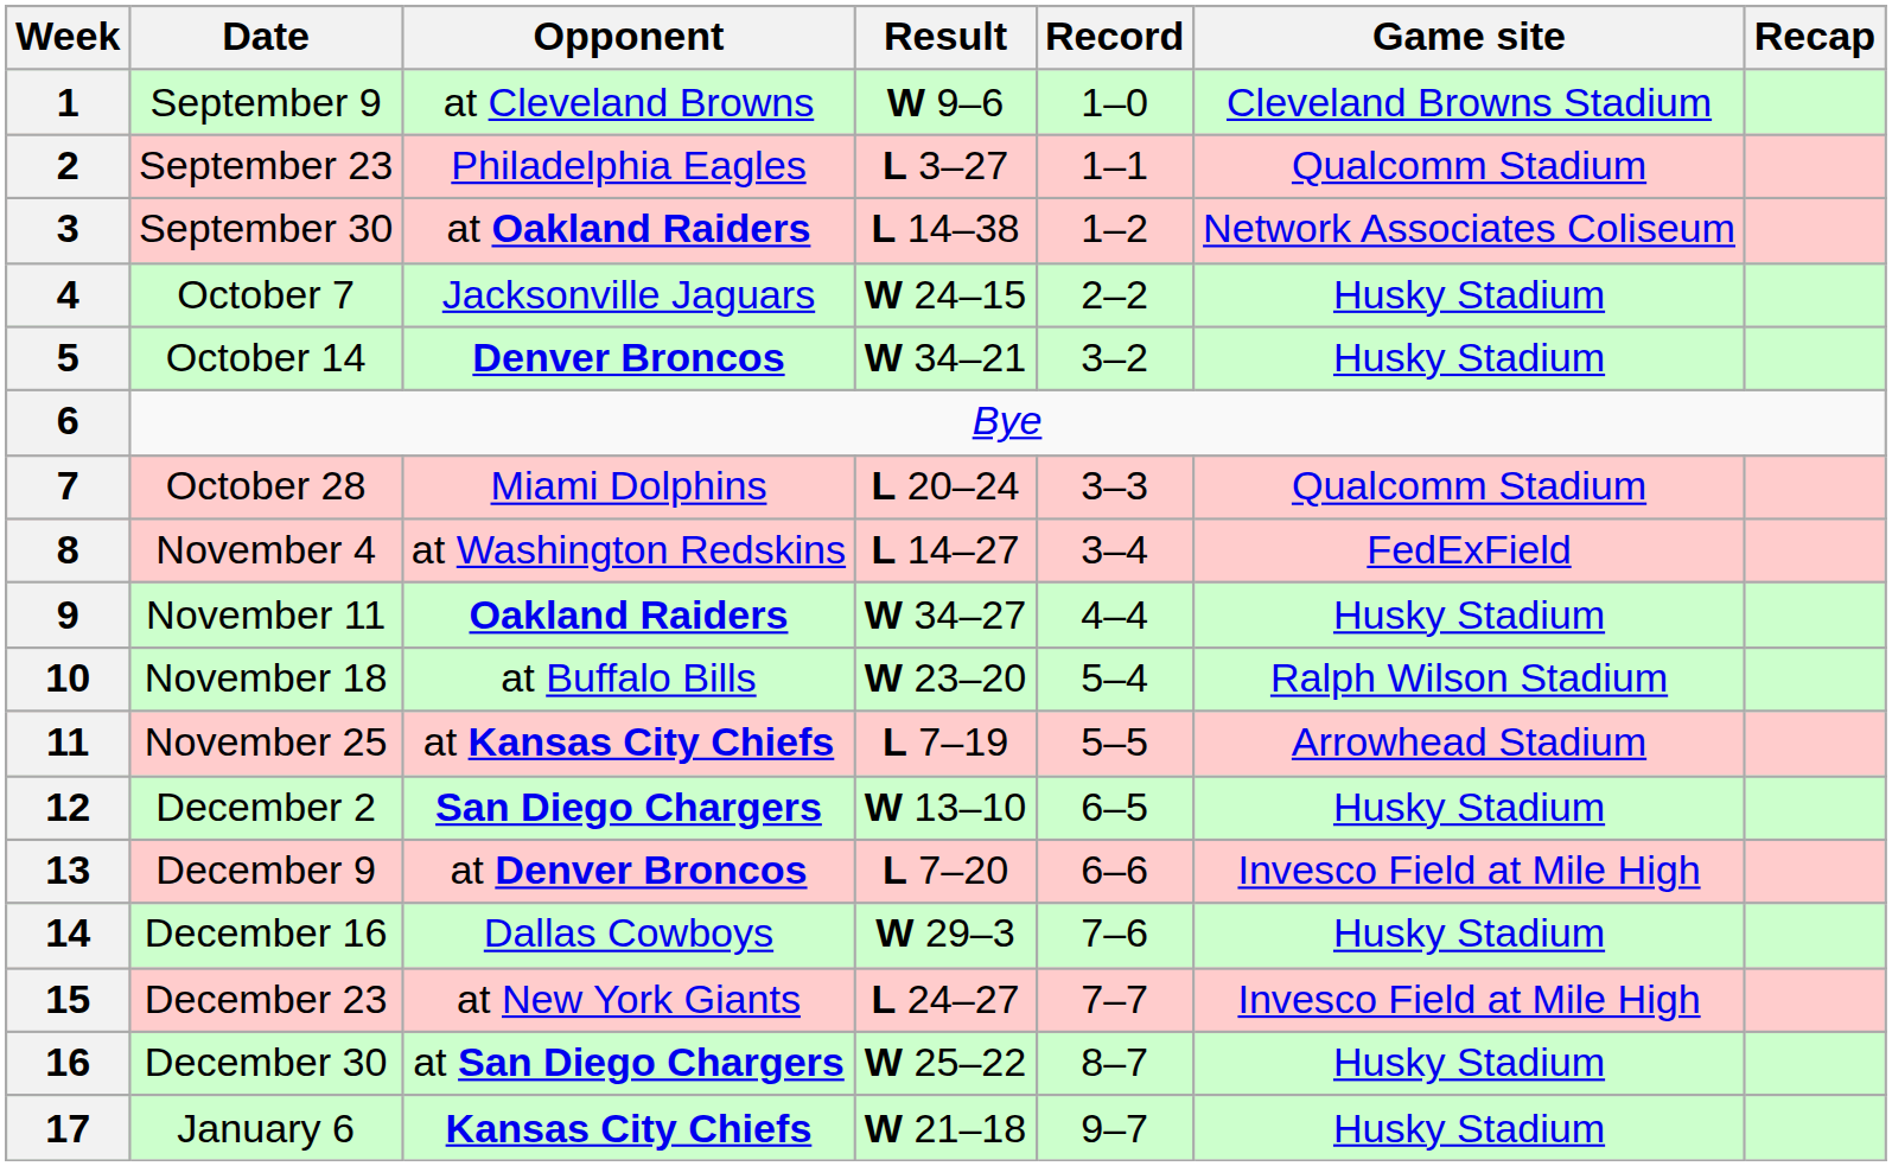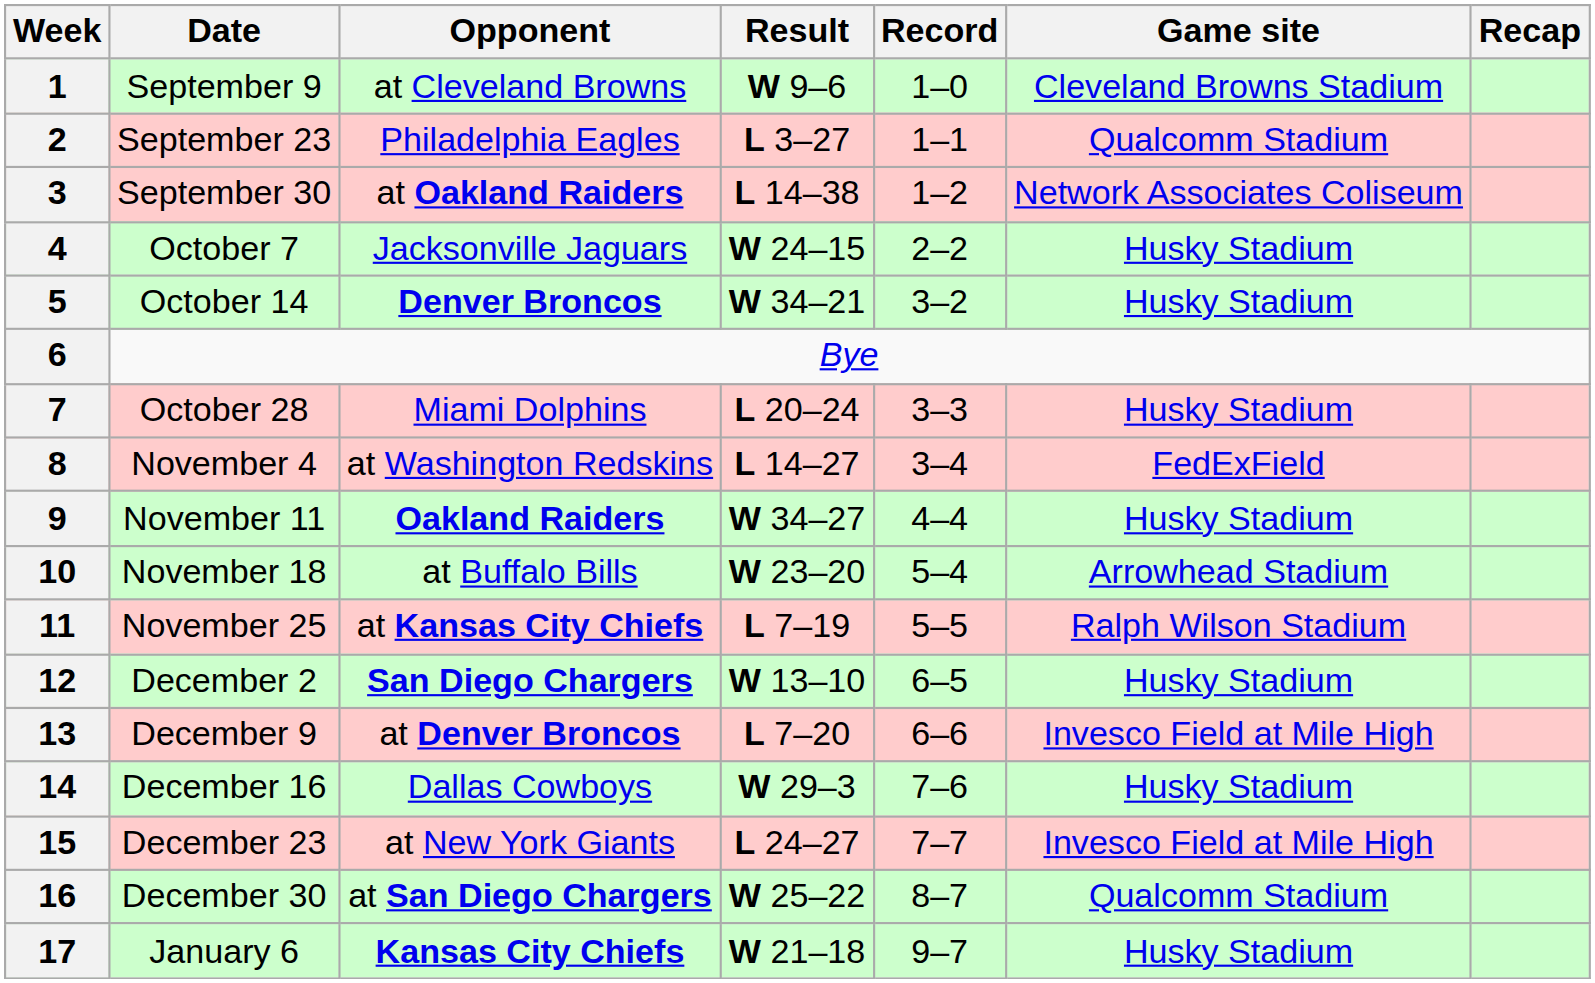 <table class="wikitable" style="text-align:center">
 <tr>
 <th>Week</th>
 <th>Date</th>
 <th>Opponent</th>
 <th>Result</th>
 <th>Record</th>
 <th>Game site</th>
 <th>Recap</th>
 </tr>
 <tr style="background:#cfc">
 <th>1</th>
 <td>September 9</td>
 <td>at <a href='#'>Cleveland Browns</a></td>
 <td><strong>W</strong> 9–6</td>
 <td>1–0</td>
 <td><a href='#'>Cleveland Browns Stadium</a></td>
 <td></td>
 </tr>
 <tr style="background:#fcc">
 <th>2</th>
 <td>September 23</td>
 <td><a href='#'>Philadelphia Eagles</a></td>
 <td><strong>L</strong> 3–27</td>
 <td>1–1</td>
 <td><a href='#'>Qualcomm Stadium</a></td>
 <td></td>
 </tr>
 <tr style="background:#fcc">
 <th>3</th>
 <td>September 30</td>
 <td>at <strong><a href='#'>Oakland Raiders</a></strong></td>
 <td><strong>L</strong> 14–38</td>
 <td>1–2</td>
 <td><a href='#'>Network Associates Coliseum</a></td>
 <td></td>
 </tr>
 <tr style="background:#cfc">
 <th>4</th>
 <td>October 7</td>
 <td><a href='#'>Jacksonville Jaguars</a></td>
 <td><strong>W</strong> 24–15</td>
 <td>2–2</td>
 <td><a href='#'>Husky Stadium</a></td>
 <td></td>
 </tr>
 <tr style="background:#cfc">
 <th>5</th>
 <td>October 14</td>
 <td><strong><a href='#'>Denver Broncos</a></strong></td>
 <td><strong>W</strong> 34–21</td>
 <td>3–2</td>
 <td><a href='#'>Husky Stadium</a></td>
 <td></td>
 </tr>
 <tr>
 <th>6</th>
 <td colspan="6"><em><a href='#'>Bye</a></em></td>
 </tr>
 <tr style="background:#fcc">
 <th>7</th>
 <td>October 28</td>
 <td><a href='#'>Miami Dolphins</a></td>
 <td><strong>L</strong> 20–24</td>
 <td>3–3</td>
-<td><a href='#'>Qualcomm Stadium</a></td>
+<td><a href='#'>Husky Stadium</a></td>
 <td></td>
 </tr>
 <tr style="background:#fcc">
 <th>8</th>
 <td>November 4</td>
 <td>at <a href='#'>Washington Redskins</a></td>
 <td><strong>L</strong> 14–27</td>
 <td>3–4</td>
 <td><a href='#'>FedExField</a></td>
 <td></td>
 </tr>
 <tr style="background:#cfc">
 <th>9</th>
 <td>November 11</td>
 <td><strong><a href='#'>Oakland Raiders</a></strong></td>
 <td><strong>W</strong> 34–27</td>
 <td>4–4</td>
 <td><a href='#'>Husky Stadium</a></td>
 <td></td>
 </tr>
 <tr style="background:#cfc">
 <th>10</th>
 <td>November 18</td>
 <td>at <a href='#'>Buffalo Bills</a></td>
 <td><strong>W</strong> 23–20</td>
 <td>5–4</td>
-<td><a href='#'>Ralph Wilson Stadium</a></td>
+<td><a href='#'>Arrowhead Stadium</a></td>
 <td></td>
 </tr>
 <tr style="background:#fcc">
 <th>11</th>
 <td>November 25</td>
 <td>at <strong><a href='#'>Kansas City Chiefs</a></strong></td>
 <td><strong>L</strong> 7–19</td>
 <td>5–5</td>
-<td><a href='#'>Arrowhead Stadium</a></td>
+<td><a href='#'>Ralph Wilson Stadium</a></td>
 <td></td>
 </tr>
 <tr style="background:#cfc">
 <th>12</th>
 <td>December 2</td>
 <td><strong><a href='#'>San Diego Chargers</a></strong></td>
 <td><strong>W</strong> 13–10 </td>
 <td>6–5</td>
 <td><a href='#'>Husky Stadium</a></td>
 <td></td>
 </tr>
 <tr style="background:#fcc">
 <th>13</th>
 <td>December 9</td>
 <td>at <strong><a href='#'>Denver Broncos</a></strong></td>
 <td><strong>L</strong> 7–20</td>
 <td>6–6</td>
 <td><a href='#'>Invesco Field at Mile High</a></td>
 <td></td>
 </tr>
 <tr style="background:#cfc">
 <th>14</th>
 <td>December 16</td>
 <td><a href='#'>Dallas Cowboys</a></td>
 <td><strong>W</strong> 29–3</td>
 <td>7–6</td>
 <td><a href='#'>Husky Stadium</a></td>
 <td></td>
 </tr>
 <tr style="background:#fcc">
 <th>15</th>
 <td>December 23</td>
 <td>at <a href='#'>New York Giants</a></td>
 <td><strong>L</strong> 24–27</td>
 <td>7–7</td>
 <td><a href='#'>Invesco Field at Mile High</a></td>
 <td></td>
 </tr>
 <tr style="background:#cfc">
 <th>16</th>
 <td>December 30</td>
 <td>at <strong><a href='#'>San Diego Chargers</a></strong></td>
 <td><strong>W</strong> 25–22</td>
 <td>8–7</td>
-<td><a href='#'>Husky Stadium</a></td>
+<td><a href='#'>Qualcomm Stadium</a></td>
 <td></td>
 </tr>
 <tr style="background:#cfc">
 <th>17</th>
 <td>January 6</td>
 <td><strong><a href='#'>Kansas City Chiefs</a></strong></td>
 <td><strong>W</strong> 21–18</td>
 <td>9–7</td>
 <td><a href='#'>Husky Stadium</a></td>
 <td></td>
 </tr>
 </table>
